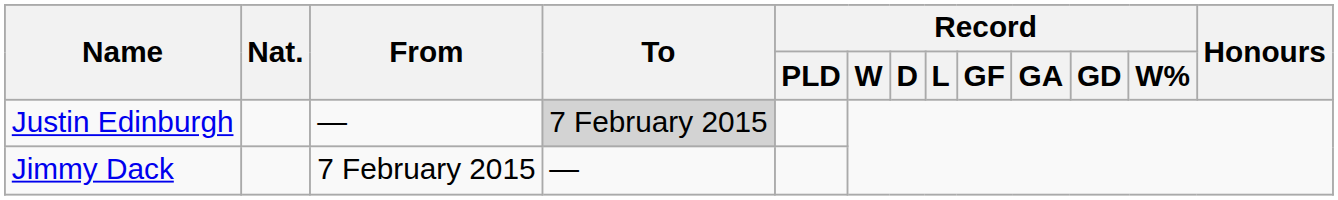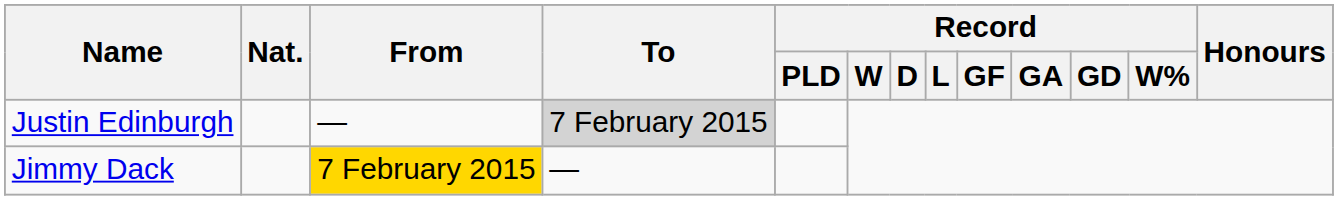 <table class="wikitable" style="text-align: center">
 <tr>
 <th rowspan="2">Name</th>
 <th rowspan="2">Nat.</th>
 <th rowspan="2">From</th>
 <th rowspan="2">To</th>
 <th colspan="8">Record</th>
 <th rowspan="2">Honours</th>
 </tr>
 <tr>
 <th>PLD</th>
 <th>W</th>
 <th>D</th>
 <th>L</th>
 <th>GF</th>
 <th>GA</th>
 <th>GD</th>
 <th>W%</th>
 </tr>
 <tr>
 <td align="left"><a href='#'>Justin Edinburgh</a></td>
 <td></td>
 <td align="left">—</td>
 <td align="left" style="background: lightgrey;">7 February 2015<br></td>
 <td></td>
 </tr>
 <tr>
 <td align="left"><a href='#'>Jimmy Dack</a></td>
 <td></td>
-<td align="left">7 February 2015</td>
+<td align="left" style="background: gold;">7 February 2015</td>
 <td align="left">—<br></td>
 <td></td>
 </tr>
 </table>
